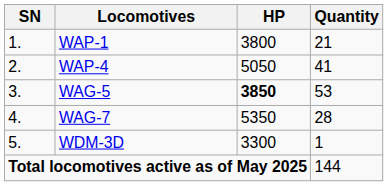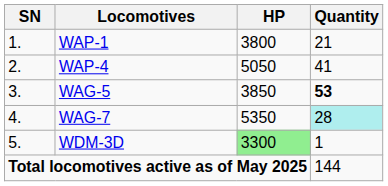 <table class="wikitable">
 <tr>
 <th>SN</th>
 <th>Locomotives</th>
 <th>HP</th>
 <th>Quantity</th>
 </tr>
 <tr>
 <td>1.</td>
 <td><a href='#'>WAP-1</a></td>
 <td>3800</td>
 <td>21</td>
 </tr>
 <tr>
 <td>2.</td>
 <td><a href='#'>WAP-4</a></td>
 <td>5050</td>
 <td>41</td>
 </tr>
 <tr>
 <td>3.</td>
 <td><a href='#'>WAG-5</a></td>
-<td><strong>3850</strong></td>
-<td>53</td>
+<td>3850</td>
+<td><strong>53</strong></td>
 </tr>
 <tr>
 <td>4.</td>
 <td><a href='#'>WAG-7</a></td>
 <td>5350</td>
-<td>28</td>
+<td style="background: paleturquoise;">28</td>
 </tr>
 <tr>
 <td>5.</td>
 <td><a href='#'>WDM-3D</a></td>
-<td>3300</td>
+<td style="background: lightgreen;">3300</td>
 <td>1</td>
 </tr>
 <tr>
 <td colspan="3"><strong>Total locomotives active as of May 2025</strong></td>
 <td>144</td>
 </tr>
 </table>
